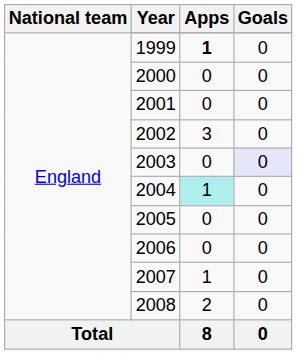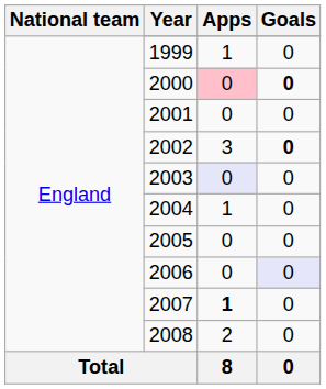 <table class="wikitable" style="text-align: center">
 <tr>
 <th>National team</th>
 <th>Year</th>
 <th>Apps</th>
 <th>Goals</th>
 </tr>
 <tr>
 <td rowspan="11"><a href='#'>England</a></td>
 </tr>
 <tr>
 <td>1999</td>
-<td><strong>1</strong></td>
+<td>1</td>
 <td>0</td>
 </tr>
 <tr>
 <td>2000</td>
-<td>0</td>
-<td>0</td>
+<td style="background: pink;">0</td>
+<td><strong>0</strong></td>
 </tr>
 <tr>
 <td>2001</td>
 <td>0</td>
 <td>0</td>
 </tr>
 <tr ->
 <td>2002</td>
 <td>3</td>
+<td><strong>0</strong></td>
+</tr>
+<tr>
+<td>2003</td>
+<td style="background: lavender;">0</td>
 <td>0</td>
 </tr>
 <tr>
-<td>2003</td>
-<td>0</td>
-<td style="background: lavender;">0</td>
-</tr>
-<tr>
 <td>2004</td>
-<td style="background: paleturquoise;">1</td>
+<td>1</td>
 <td>0</td>
 </tr>
 <tr>
 <td>2005</td>
 <td>0</td>
 <td>0</td>
 </tr>
 <tr>
 <td>2006</td>
 <td>0</td>
-<td>0</td>
+<td style="background: lavender;">0</td>
 </tr>
 <tr>
 <td>2007</td>
-<td>1</td>
+<td><strong>1</strong></td>
 <td>0</td>
 </tr>
 <tr>
 <td>2008</td>
 <td>2</td>
 <td>0</td>
 </tr>
 <tr>
 <th colspan="2">Total</th>
 <th>8</th>
 <th>0</th>
 </tr>
 </table>
